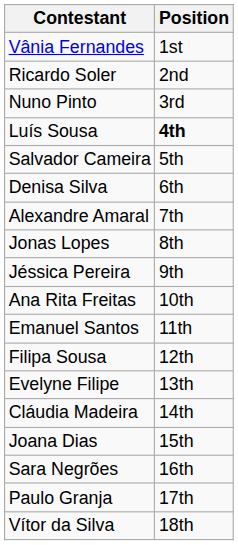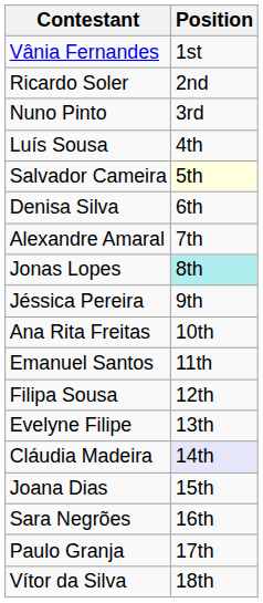 <table class="wikitable">
 <tr>
 <th>Contestant</th>
 <th>Position</th>
 </tr>
 <tr>
 <td><a href='#'>Vânia Fernandes</a></td>
 <td>1st</td>
 </tr>
 <tr>
 <td>Ricardo Soler</td>
 <td>2nd</td>
 </tr>
 <tr>
 <td>Nuno Pinto</td>
 <td>3rd</td>
 </tr>
 <tr>
 <td>Luís Sousa</td>
-<td><strong>4th</strong></td>
+<td>4th</td>
 </tr>
 <tr>
 <td>Salvador Cameira</td>
-<td>5th</td>
+<td style="background: lightyellow;">5th</td>
 </tr>
 <tr>
 <td>Denisa Silva</td>
 <td>6th</td>
 </tr>
 <tr>
 <td>Alexandre Amaral</td>
 <td>7th</td>
 </tr>
 <tr>
 <td>Jonas Lopes</td>
-<td>8th</td>
+<td style="background: paleturquoise;">8th</td>
 </tr>
 <tr>
 <td>Jéssica Pereira</td>
 <td>9th</td>
 </tr>
 <tr>
 <td>Ana Rita Freitas</td>
 <td>10th</td>
 </tr>
 <tr>
 <td>Emanuel Santos</td>
 <td>11th</td>
 </tr>
 <tr>
 <td>Filipa Sousa</td>
 <td>12th</td>
 </tr>
 <tr>
 <td>Evelyne Filipe</td>
 <td>13th</td>
 </tr>
 <tr>
 <td>Cláudia Madeira</td>
-<td>14th</td>
+<td style="background: lavender;">14th</td>
 </tr>
 <tr>
 <td>Joana Dias</td>
 <td>15th</td>
 </tr>
 <tr>
 <td>Sara Negrões</td>
 <td>16th</td>
 </tr>
 <tr>
 <td>Paulo Granja</td>
 <td>17th</td>
 </tr>
 <tr>
 <td>Vítor da Silva</td>
 <td>18th</td>
 </tr>
 </table>
